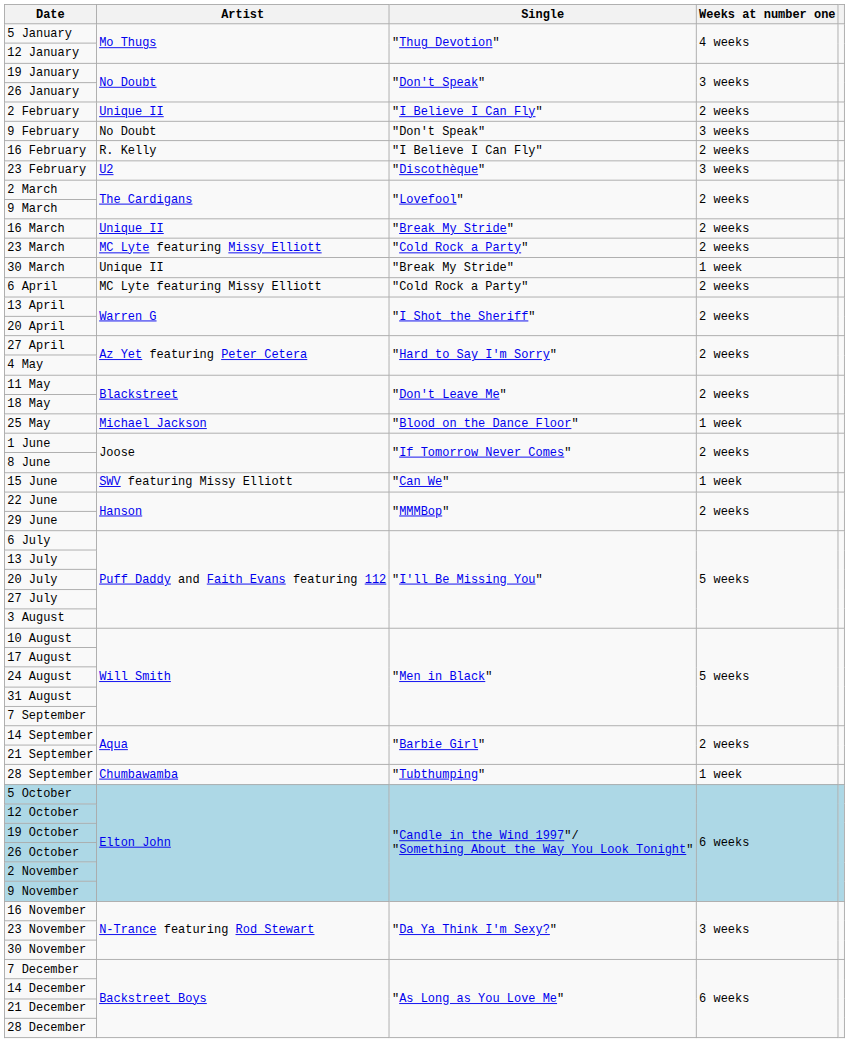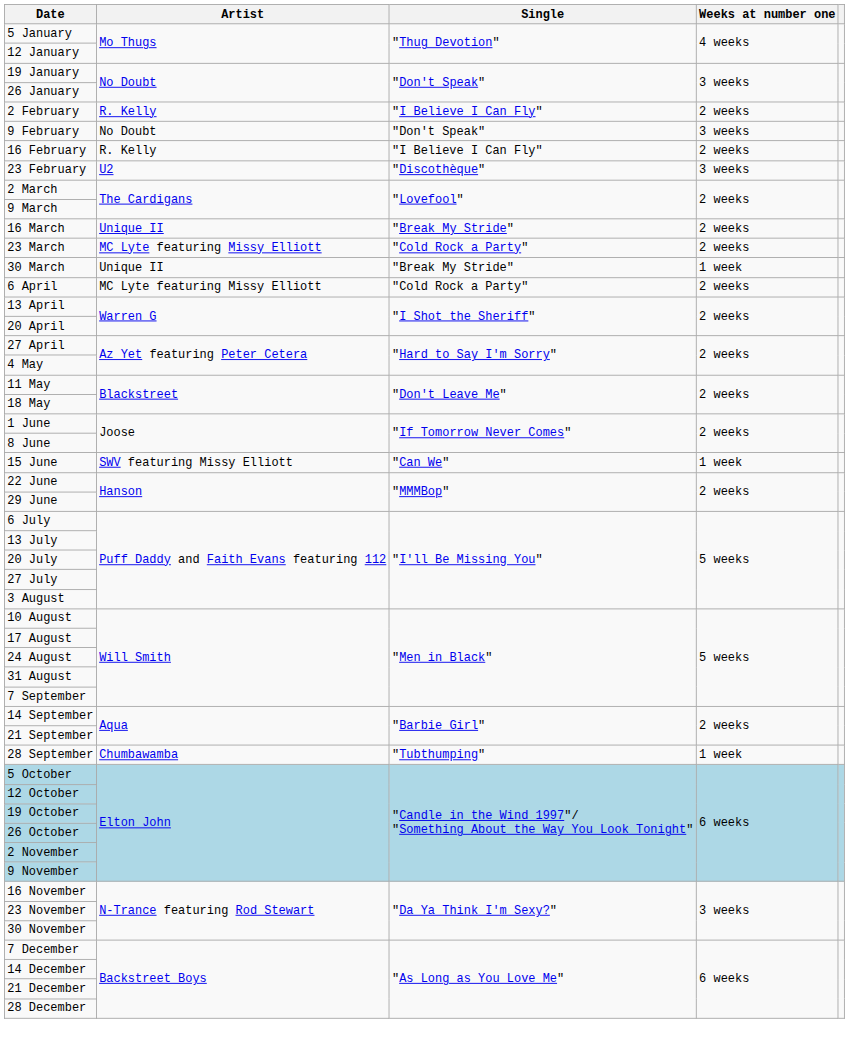 <table class="wikitable">
 <tr>
 <th>Date</th>
 <th>Artist</th>
 <th>Single</th>
 <th>Weeks at number one</th>
 <th></th>
 </tr>
 <tr>
 <td>5 January</td>
 <td rowspan="2"><a href='#'>Mo Thugs</a></td>
 <td rowspan="2">"<a href='#'>Thug Devotion</a>"</td>
 <td rowspan="2">4 weeks</td>
 <td rowspan="2"></td>
 </tr>
 <tr>
 <td>12 January</td>
 </tr>
 <tr>
 <td>19 January</td>
 <td rowspan="2"><a href='#'>No Doubt</a></td>
 <td rowspan="2">"<a href='#'>Don't Speak</a>"</td>
 <td rowspan="2">3 weeks</td>
 <td rowspan="2"></td>
 </tr>
 <tr>
 <td>26 January</td>
 </tr>
 <tr>
 <td>2 February</td>
-<td><a href='#'>Unique II</a></td>
+<td><a href='#'>R. Kelly</a></td>
 <td>"<a href='#'>I Believe I Can Fly</a>"</td>
 <td>2 weeks</td>
 <td></td>
 </tr>
 <tr>
 <td>9 February</td>
 <td>No Doubt</td>
 <td>"Don't Speak"</td>
 <td>3 weeks</td>
 <td></td>
 </tr>
 <tr>
 <td>16 February</td>
 <td>R. Kelly</td>
 <td>"I Believe I Can Fly"</td>
 <td>2 weeks</td>
 <td></td>
 </tr>
 <tr>
 <td>23 February</td>
 <td><a href='#'>U2</a></td>
 <td>"<a href='#'>Discothèque</a>"</td>
 <td>3 weeks</td>
 <td></td>
 </tr>
 <tr>
 <td>2 March</td>
 <td rowspan="2"><a href='#'>The Cardigans</a></td>
 <td rowspan="2">"<a href='#'>Lovefool</a>"</td>
 <td rowspan="2">2 weeks</td>
 <td rowspan="2"></td>
 </tr>
 <tr>
 <td>9 March</td>
 </tr>
 <tr>
 <td>16 March</td>
 <td><a href='#'>Unique II</a></td>
 <td>"<a href='#'>Break My Stride</a>"</td>
 <td>2 weeks</td>
 <td></td>
 </tr>
 <tr>
 <td>23 March</td>
 <td><a href='#'>MC Lyte</a> featuring <a href='#'>Missy Elliott</a></td>
 <td>"<a href='#'>Cold Rock a Party</a>"</td>
 <td>2 weeks</td>
 <td></td>
 </tr>
 <tr>
 <td>30 March</td>
 <td>Unique II</td>
 <td>"Break My Stride"</td>
 <td>1 week</td>
 <td></td>
 </tr>
 <tr>
 <td>6 April</td>
 <td>MC Lyte featuring Missy Elliott</td>
 <td>"Cold Rock a Party"</td>
 <td>2 weeks</td>
 <td></td>
 </tr>
 <tr>
 <td>13 April</td>
 <td rowspan="2"><a href='#'>Warren G</a></td>
 <td rowspan="2">"<a href='#'>I Shot the Sheriff</a>"</td>
 <td rowspan="2">2 weeks</td>
 <td rowspan="2"></td>
 </tr>
 <tr>
 <td>20 April</td>
 </tr>
 <tr>
 <td>27 April</td>
 <td rowspan="2"><a href='#'>Az Yet</a> featuring <a href='#'>Peter Cetera</a></td>
 <td rowspan="2">"<a href='#'>Hard to Say I'm Sorry</a>"</td>
 <td rowspan="2">2 weeks</td>
 <td rowspan="2"></td>
 </tr>
 <tr>
 <td>4 May</td>
 </tr>
 <tr>
 <td>11 May</td>
 <td rowspan="2"><a href='#'>Blackstreet</a></td>
 <td rowspan="2">"<a href='#'>Don't Leave Me</a>"</td>
 <td rowspan="2">2 weeks</td>
 <td rowspan="2"></td>
 </tr>
 <tr>
 <td>18 May</td>
-</tr>
-<tr>
-<td>25 May</td>
-<td><a href='#'>Michael Jackson</a></td>
-<td>"<a href='#'>Blood on the Dance Floor</a>"</td>
-<td>1 week</td>
-<td></td>
 </tr>
 <tr>
 <td>1 June</td>
 <td rowspan="2">Joose</td>
 <td rowspan="2">"<a href='#'>If Tomorrow Never Comes</a>"</td>
 <td rowspan="2">2 weeks</td>
 <td rowspan="2"></td>
 </tr>
 <tr>
 <td>8 June</td>
 </tr>
 <tr>
 <td>15 June</td>
 <td><a href='#'>SWV</a> featuring Missy Elliott</td>
 <td>"<a href='#'>Can We</a>"</td>
 <td>1 week</td>
 <td></td>
 </tr>
 <tr>
 <td>22 June</td>
 <td rowspan="2"><a href='#'>Hanson</a></td>
 <td rowspan="2">"<a href='#'>MMMBop</a>"</td>
 <td rowspan="2">2 weeks</td>
 <td rowspan="2"></td>
 </tr>
 <tr>
 <td>29 June</td>
 </tr>
 <tr>
 <td>6 July</td>
 <td rowspan="5"><a href='#'>Puff Daddy</a> and <a href='#'>Faith Evans</a> featuring <a href='#'>112</a></td>
 <td rowspan="5">"<a href='#'>I'll Be Missing You</a>"</td>
 <td rowspan="5">5 weeks</td>
 <td rowspan="5"></td>
 </tr>
 <tr>
 <td>13 July</td>
 </tr>
 <tr>
 <td>20 July</td>
 </tr>
 <tr>
 <td>27 July</td>
 </tr>
 <tr>
 <td>3 August</td>
 </tr>
 <tr>
 <td>10 August</td>
 <td rowspan="5"><a href='#'>Will Smith</a></td>
 <td rowspan="5">"<a href='#'>Men in Black</a>"</td>
 <td rowspan="5">5 weeks</td>
 <td rowspan="5"></td>
 </tr>
 <tr>
 <td>17 August</td>
 </tr>
 <tr>
 <td>24 August</td>
 </tr>
 <tr>
 <td>31 August</td>
 </tr>
 <tr>
 <td>7 September</td>
 </tr>
 <tr>
 <td>14 September</td>
 <td rowspan="2"><a href='#'>Aqua</a></td>
 <td rowspan="2">"<a href='#'>Barbie Girl</a>"</td>
 <td rowspan="2">2 weeks</td>
 <td rowspan="2"></td>
 </tr>
 <tr>
 <td>21 September</td>
 </tr>
 <tr>
 <td>28 September</td>
 <td><a href='#'>Chumbawamba</a></td>
 <td>"<a href='#'>Tubthumping</a>"</td>
 <td>1 week</td>
 <td></td>
 </tr>
 <tr bgcolor="lightblue">
 <td>5 October</td>
 <td rowspan="6"><a href='#'>Elton John</a></td>
 <td rowspan="6">"<a href='#'>Candle in the Wind 1997</a>"/<br>"<a href='#'>Something About the Way You Look Tonight</a>"</td>
 <td rowspan="6">6 weeks</td>
 <td rowspan="6"></td>
 </tr>
 <tr bgcolor="lightblue">
 <td>12 October</td>
 </tr>
 <tr bgcolor="lightblue">
 <td>19 October</td>
 </tr>
 <tr bgcolor="lightblue">
 <td>26 October</td>
 </tr>
 <tr bgcolor="lightblue">
 <td>2 November</td>
 </tr>
 <tr bgcolor="lightblue">
 <td>9 November</td>
 </tr>
 <tr>
 <td>16 November</td>
 <td rowspan="3"><a href='#'>N-Trance</a> featuring <a href='#'>Rod Stewart</a></td>
 <td rowspan="3">"<a href='#'>Da Ya Think I'm Sexy?</a>"</td>
 <td rowspan="3">3 weeks</td>
 <td rowspan="3"></td>
 </tr>
 <tr>
 <td>23 November</td>
 </tr>
 <tr>
 <td>30 November</td>
 </tr>
 <tr>
 <td>7 December</td>
 <td rowspan="4"><a href='#'>Backstreet Boys</a></td>
 <td rowspan="4">"<a href='#'>As Long as You Love Me</a>"</td>
 <td rowspan="4">6 weeks</td>
 <td rowspan="4"></td>
 </tr>
 <tr>
 <td>14 December</td>
 </tr>
 <tr>
 <td>21 December</td>
 </tr>
 <tr>
 <td>28 December</td>
 </tr>
 </table>
